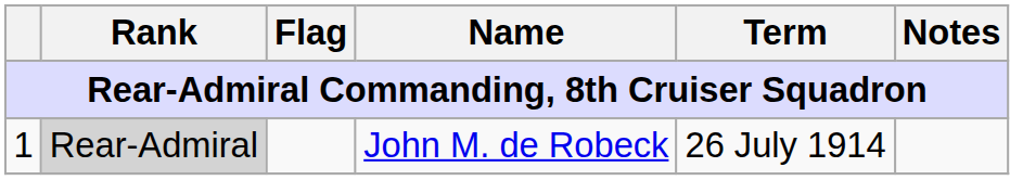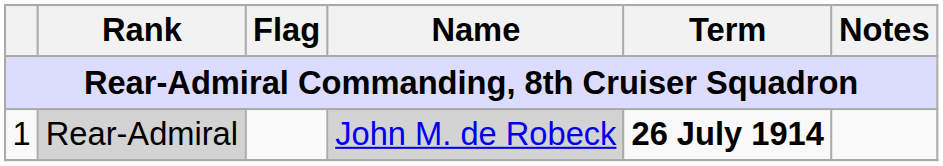 <table class="wikitable">
 <tr>
 <th></th>
 <th>Rank</th>
 <th>Flag</th>
 <th>Name</th>
 <th>Term</th>
 <th>Notes</th>
 </tr>
 <tr>
 <td colspan="6" align="center" style="background:#dcdcfe;"><strong>Rear-Admiral Commanding, 8th Cruiser Squadron</strong></td>
 </tr>
 <tr>
 <td>1</td>
 <td style="background: lightgrey;">Rear-Admiral</td>
 <td></td>
-<td><a href='#'>John M. de Robeck</a></td>
-<td>26 July 1914</td>
+<td style="background: lightgrey;"><a href='#'>John M. de Robeck</a></td>
+<td><strong>26 July 1914</strong></td>
 <td></td>
 </tr>
 <tr>
 </tr>
 </table>
